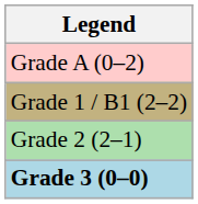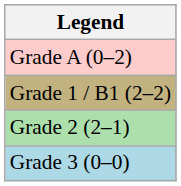 <table class="wikitable" style="font-size:85%;">
 <tr>
 <th>Legend</th>
 </tr>
 <tr bgcolor="ffcccc">
 <td>Grade A (0–2)</td>
 </tr>
 <tr bgcolor="C2B280">
 <td>Grade 1 / B1 (2–2)</td>
 </tr>
 <tr bgcolor="ADDFAD">
 <td>Grade 2 (2–1)</td>
 </tr>
 <tr bgcolor="lightblue">
-<td><strong>Grade 3 (0–0)</strong></td>
+<td>Grade 3 (0–0)</td>
 </tr>
 </table>
